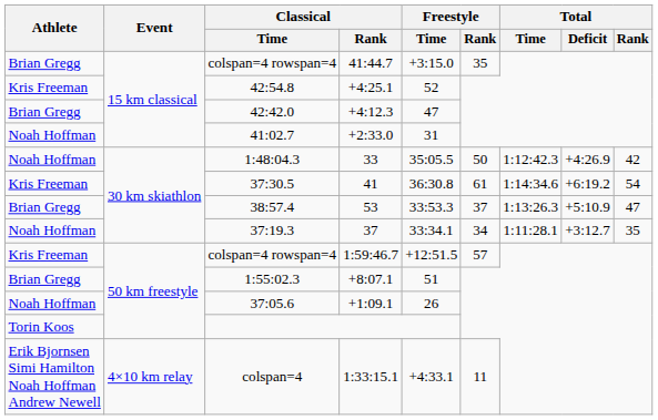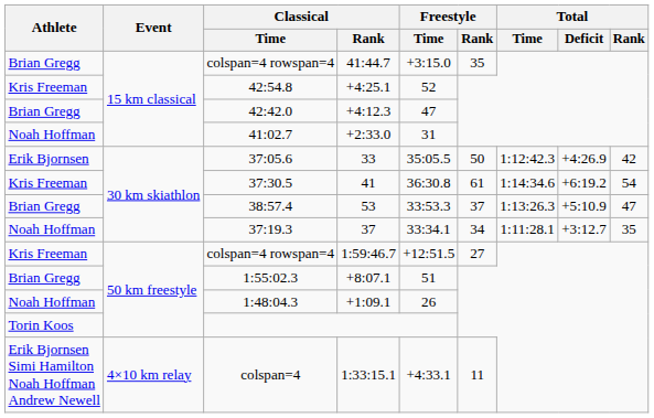 <table class=wikitable style=font-size:90%;text-align:center>
 <tr>
 <th rowspan=2>Athlete</th>
 <th rowspan=2>Event</th>
 <th colspan=2>Classical</th>
 <th colspan=2>Freestyle</th>
 <th colspan=3>Total</th>
 </tr>
 <tr style=font-size:95%>
 <th>Time</th>
 <th>Rank</th>
 <th>Time</th>
 <th>Rank</th>
 <th>Time</th>
 <th>Deficit</th>
 <th>Rank</th>
 </tr>
 <tr>
 <td align=left><a href='#'>Brian Gregg</a></td>
 <td align=left rowspan=4><a href='#'>15 km classical</a></td>
 <td>colspan=4 rowspan=4 </td>
 <td>41:44.7</td>
 <td>+3:15.0</td>
 <td>35</td>
 </tr>
 <tr>
 <td align=left><a href='#'>Kris Freeman</a></td>
 <td>42:54.8</td>
 <td>+4:25.1</td>
 <td>52</td>
 </tr>
 <tr>
 <td align=left><a href='#'>Brian Gregg</a></td>
 <td>42:42.0</td>
 <td>+4:12.3</td>
 <td>47</td>
 </tr>
 <tr>
 <td align=left><a href='#'>Noah Hoffman</a></td>
 <td>41:02.7</td>
 <td>+2:33.0</td>
 <td>31</td>
 </tr>
 <tr>
-<td align=left><a href='#'>Noah Hoffman</a></td>
+<td align=left><a href='#'>Erik Bjornsen</a></td>
 <td align=left rowspan=4><a href='#'>30 km skiathlon</a></td>
-<td>1:48:04.3</td>
+<td>37:05.6</td>
 <td>33</td>
 <td>35:05.5</td>
 <td>50</td>
 <td>1:12:42.3</td>
 <td>+4:26.9</td>
 <td>42</td>
 </tr>
 <tr>
 <td align=left><a href='#'>Kris Freeman</a></td>
 <td>37:30.5</td>
 <td>41</td>
 <td>36:30.8</td>
 <td>61</td>
 <td>1:14:34.6</td>
 <td>+6:19.2</td>
 <td>54</td>
 </tr>
 <tr>
 <td align=left><a href='#'>Brian Gregg</a></td>
 <td>38:57.4</td>
 <td>53</td>
 <td>33:53.3</td>
 <td>37</td>
 <td>1:13:26.3</td>
 <td>+5:10.9</td>
 <td>47</td>
 </tr>
 <tr>
 <td align=left><a href='#'>Noah Hoffman</a></td>
 <td>37:19.3</td>
 <td>37</td>
 <td>33:34.1</td>
 <td>34</td>
 <td>1:11:28.1</td>
 <td>+3:12.7</td>
 <td>35</td>
 </tr>
 <tr>
 <td align=left><a href='#'>Kris Freeman</a></td>
 <td align=left rowspan=4><a href='#'>50 km freestyle</a></td>
 <td>colspan=4 rowspan=4 </td>
 <td>1:59:46.7</td>
 <td>+12:51.5</td>
-<td>57</td>
+<td>27</td>
 </tr>
 <tr>
 <td align=left><a href='#'>Brian Gregg</a></td>
 <td>1:55:02.3</td>
 <td>+8:07.1</td>
 <td>51</td>
 </tr>
 <tr>
 <td align=left><a href='#'>Noah Hoffman</a></td>
-<td>37:05.6</td>
+<td>1:48:04.3</td>
 <td>+1:09.1</td>
 <td>26</td>
 </tr>
 <tr>
 <td align=left><a href='#'>Torin Koos</a></td>
 <td colspan=3></td>
 </tr>
 <tr>
 <td align=left><a href='#'>Erik Bjornsen</a><br><a href='#'>Simi Hamilton</a><br><a href='#'>Noah Hoffman</a><br><a href='#'>Andrew Newell</a></td>
 <td align=left><a href='#'>4×10 km relay</a></td>
 <td>colspan=4 </td>
 <td>1:33:15.1</td>
 <td>+4:33.1</td>
 <td>11</td>
 </tr>
 </table>
